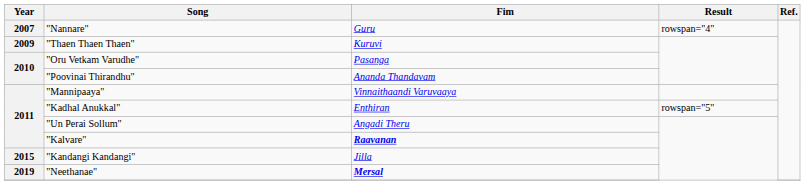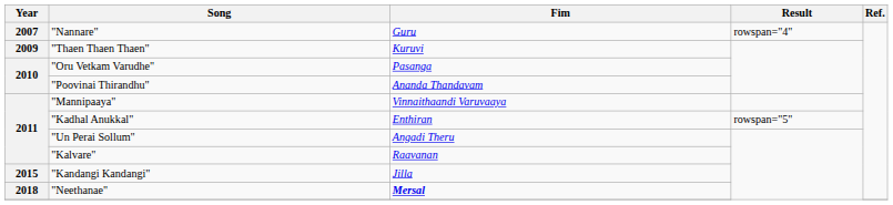 <table class="wikitable plainrowheaders" width="100%" textcolor:#000;">
 <tr>
 <th scope="col" width=5%><strong>Year</strong></th>
 <th scope="col" width=39%><strong>Song</strong></th>
 <th scope="col" width=39%><strong>Fim</strong></th>
 <th scope="col" width=15%><strong>Result</strong></th>
 <th scope="col" width=2%><strong>Ref.</strong></th>
 </tr>
 <tr>
 <th scope="row">2007</th>
 <td>"Nannare"</td>
 <td><a href='#'><em>Guru</em></a></td>
 <td>rowspan="4" </td>
 <td rowspan="10"></td>
 </tr>
 <tr>
 <th scope="row">2009</th>
 <td>"Thaen Thaen Thaen"</td>
 <td><em><a href='#'>Kuruvi</a></em></td>
 </tr>
 <tr>
 <th scope="row" rowspan="2">2010</th>
 <td>"Oru Vetkam Varudhe"</td>
 <td><em><a href='#'>Pasanga</a></em></td>
 </tr>
 <tr>
 <td>"Poovinai Thirandhu"</td>
 <td><em><a href='#'>Ananda Thandavam</a></em></td>
 </tr>
 <tr>
 <th scope="row" rowspan="4">2011</th>
 <td>"Mannipaaya"</td>
 <td><em><a href='#'>Vinnaithaandi Varuvaaya</a></em></td>
 <td></td>
 </tr>
 <tr>
 <td>"Kadhal Anukkal"</td>
 <td><em><a href='#'>Enthiran</a></em></td>
 <td>rowspan="5" </td>
 </tr>
 <tr>
 <td>"Un Perai Sollum"</td>
 <td><em><a href='#'>Angadi Theru</a></em></td>
 </tr>
 <tr>
 <td>"Kalvare"</td>
-<td><strong><a href='#'><em>Raavanan</em></a></strong></td>
+<td><a href='#'><em>Raavanan</em></a></td>
 </tr>
 <tr>
 <th scope="row">2015</th>
 <td>"Kandangi Kandangi"</td>
 <td><em><a href='#'>Jilla</a></em></td>
 </tr>
 <tr>
-<th scope="row">2019</th>
+<th scope="row">2018</th>
 <td>"Neethanae"</td>
 <td><strong><a href='#'><em>Mersal</em></a></strong></td>
 </tr>
 <tr>
 </tr>
 </table>
